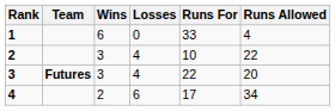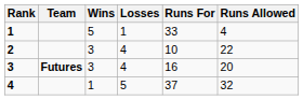 <table class="wikitable">
 <tr>
 <th>Rank</th>
 <th>Team</th>
 <th>Wins</th>
 <th>Losses</th>
 <th>Runs For</th>
 <th>Runs Allowed</th>
 </tr>
 <tr>
 <td><strong>1</strong></td>
 <td></td>
-<td>6</td>
-<td>0</td>
+<td>5</td>
+<td>1</td>
 <td>33</td>
 <td>4</td>
 </tr>
 <tr>
 <td><strong>2</strong></td>
 <td></td>
 <td>3</td>
 <td>4</td>
 <td>10</td>
 <td>22</td>
 </tr>
 <tr>
 <td><strong>3</strong></td>
 <td><strong> Futures</strong></td>
 <td>3</td>
 <td>4</td>
-<td>22</td>
+<td>16</td>
 <td>20</td>
 </tr>
 <tr>
 <td><strong>4</strong></td>
 <td></td>
-<td>2</td>
-<td>6</td>
-<td>17</td>
-<td>34</td>
+<td>1</td>
+<td>5</td>
+<td>37</td>
+<td>32</td>
 </tr>
 </table>
